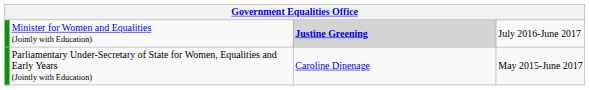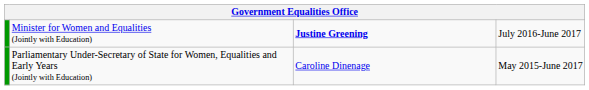 <table class="wikitable">
 <tr>
 <th colspan="4"><a href='#'>Government Equalities Office</a></th>
 </tr>
 <tr>
 <td style="width:1px; background:#090;"></td>
 <td style="width: 450px;"><a href='#'>Minister for Women and Equalities</a> <br><small>(Jointly with Education)</small></td>
-<td style="background: lightgrey; width: 320px;"><strong><a href='#'>Justine Greening</a></strong></td>
+<td style="width: 320px;"><strong><a href='#'>Justine Greening</a></strong></td>
 <td>July 2016-June 2017</td>
 </tr>
 <tr>
 <td style="width:1px; background:#090;"></td>
 <td>Parliamentary Under-Secretary of State for Women, Equalities and Early Years <br><small> (Jointly with Education)</small></td>
 <td><a href='#'>Caroline Dinenage</a></td>
 <td>May 2015-June 2017</td>
 </tr>
 </table>
